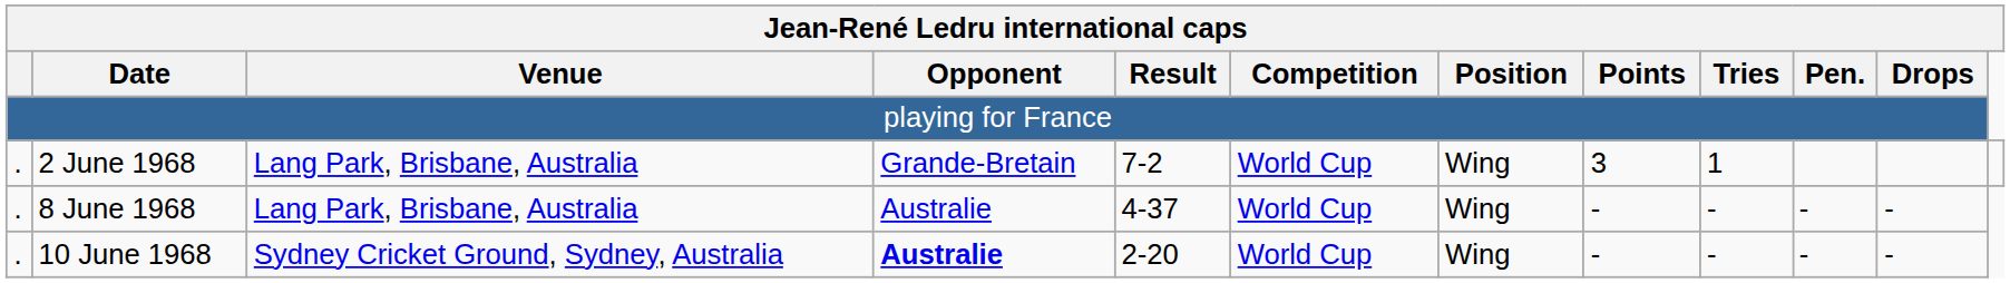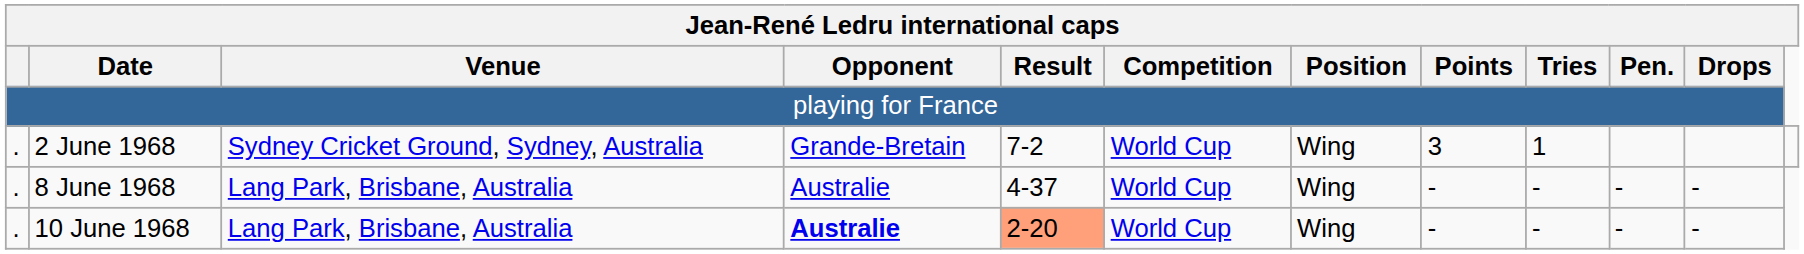 <table class="wikitable sortable" style="float:center; border:1px; font-size:90%; margin-left:1em;" border="1">
 <tr>
 <th colspan="12" width="1000">Jean-René Ledru international caps</th>
 </tr>
 <tr>
 <th></th>
 <th>Date</th>
 <th>Venue</th>
 <th>Opponent</th>
 <th>Result</th>
 <th>Competition</th>
 <th>Position</th>
 <th>Points</th>
 <th>Tries</th>
 <th>Pen.</th>
 <th>Drops</th>
 </tr>
 <tr>
 <td colspan="11" style="text-align:center; background-color:#369; color:#ffffff;">playing for France</td>
 </tr>
 <tr>
 <td>.</td>
 <td>2 June 1968</td>
-<td><a href='#'>Lang Park</a>, <a href='#'>Brisbane</a>, <a href='#'>Australia</a></td>
+<td><a href='#'>Sydney Cricket Ground</a>, <a href='#'>Sydney</a>, <a href='#'>Australia</a></td>
 <td><a href='#'>Grande-Bretain</a></td>
 <td>7-2</td>
 <td><a href='#'>World Cup</a></td>
 <td>Wing</td>
 <td>3</td>
 <td>1</td>
 <td></td>
 <td></td>
 <td><span></span></td>
 </tr>
 <tr>
 <td>.</td>
 <td>8 June 1968</td>
 <td><a href='#'>Lang Park</a>, <a href='#'>Brisbane</a>, <a href='#'>Australia</a></td>
 <td><a href='#'>Australie</a></td>
 <td>4-37</td>
 <td><a href='#'>World Cup</a></td>
 <td>Wing</td>
 <td>-</td>
 <td>-</td>
 <td>-</td>
 <td>-</td>
 </tr>
 <tr>
 <td>.</td>
 <td>10 June 1968</td>
-<td><a href='#'>Sydney Cricket Ground</a>, <a href='#'>Sydney</a>, <a href='#'>Australia</a></td>
+<td><a href='#'>Lang Park</a>, <a href='#'>Brisbane</a>, <a href='#'>Australia</a></td>
 <td><strong><a href='#'>Australie</a></strong></td>
-<td>2-20</td>
+<td style="background: lightsalmon;">2-20</td>
 <td><a href='#'>World Cup</a></td>
 <td>Wing</td>
 <td>-</td>
 <td>-</td>
 <td>-</td>
 <td>-</td>
 </tr>
 </table>
